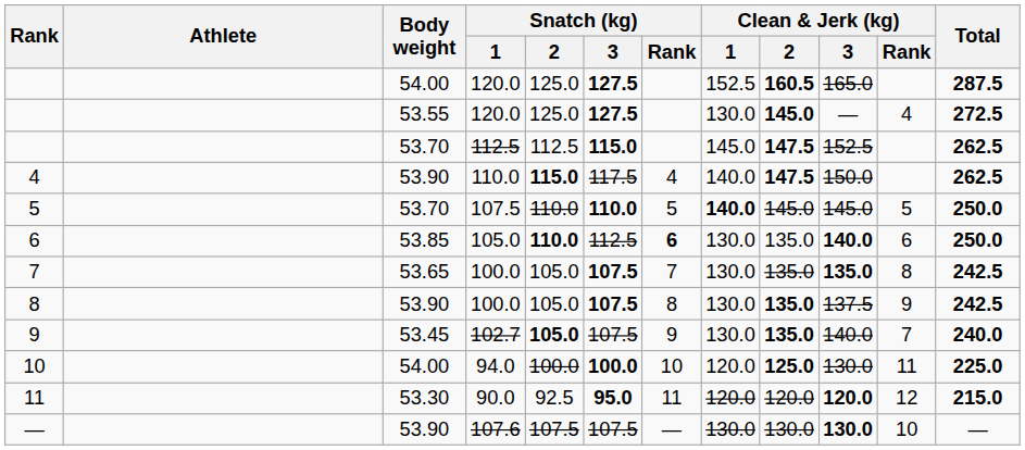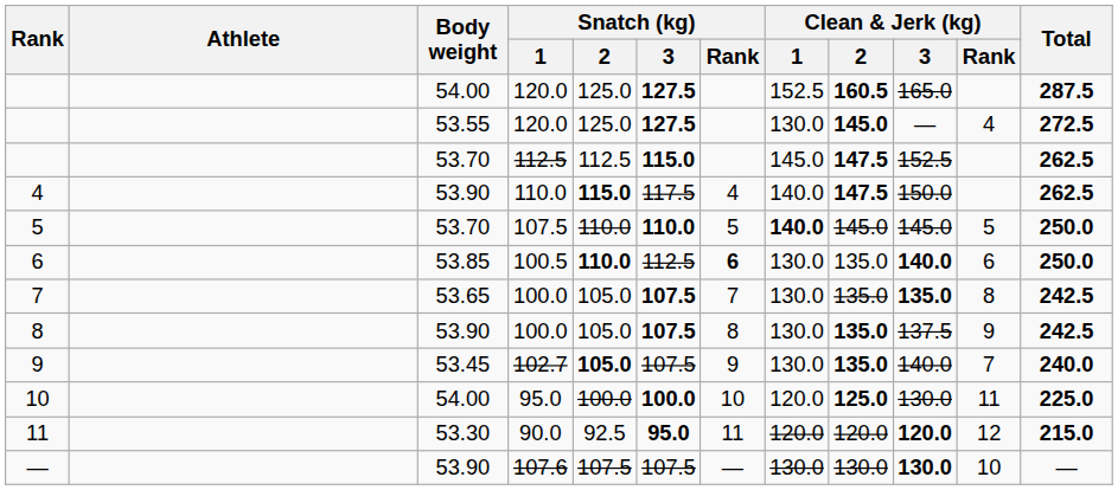 <table class = "wikitable" style="text-align:center;">
 <tr>
 <th rowspan=2 width=40>Rank</th>
 <th rowspan=2 width=250>Athlete</th>
 <th rowspan=2 width=60>Body weight</th>
 <th colspan=4>Snatch (kg)</th>
 <th colspan=4>Clean & Jerk (kg)</th>
 <th rowspan=2 width=60>Total</th>
 </tr>
 <tr>
 <th width=40>1</th>
 <th width=40>2</th>
 <th width=40>3</th>
 <th width=40>Rank</th>
 <th width=40>1</th>
 <th width=40>2</th>
 <th width=40>3</th>
 <th width=40>Rank</th>
 </tr>
 <tr>
 <td></td>
 <td align=left></td>
 <td>54.00</td>
 <td>120.0</td>
 <td>125.0</td>
 <td><strong>127.5</strong></td>
 <td></td>
 <td>152.5</td>
 <td><strong>160.5</strong></td>
 <td><s>165.0 </s></td>
 <td></td>
 <td><strong>287.5</strong></td>
 </tr>
 <tr>
 <td></td>
 <td align=left></td>
 <td>53.55</td>
 <td>120.0</td>
 <td>125.0</td>
 <td><strong>127.5</strong></td>
 <td></td>
 <td>130.0</td>
 <td><strong>145.0</strong></td>
 <td>—</td>
 <td>4</td>
 <td><strong>272.5</strong></td>
 </tr>
 <tr>
 <td></td>
 <td align=left></td>
 <td>53.70</td>
 <td><s>112.5 </s></td>
 <td>112.5</td>
 <td><strong>115.0</strong></td>
 <td></td>
 <td>145.0</td>
 <td><strong>147.5</strong></td>
 <td><s>152.5 </s></td>
 <td></td>
 <td><strong>262.5</strong></td>
 </tr>
 <tr>
 <td>4</td>
 <td align=left></td>
 <td>53.90</td>
 <td>110.0</td>
 <td><strong>115.0</strong></td>
 <td><s>117.5 </s></td>
 <td>4</td>
 <td>140.0</td>
 <td><strong>147.5</strong></td>
 <td><s>150.0 </s></td>
 <td></td>
 <td><strong>262.5  </strong></td>
 </tr>
 <tr>
 <td>5</td>
 <td align=left></td>
 <td>53.70</td>
 <td>107.5</td>
 <td><s>110.0 </s></td>
 <td><strong>110.0</strong></td>
 <td>5</td>
 <td><strong>140.0</strong></td>
 <td><s>145.0 </s></td>
 <td><s>145.0 </s></td>
 <td>5</td>
 <td><strong>250.0</strong></td>
 </tr>
 <tr>
 <td>6</td>
 <td align=left></td>
 <td>53.85</td>
-<td>105.0</td>
+<td>100.5</td>
 <td><strong>110.0</strong></td>
 <td><s>112.5 </s></td>
 <td><strong>6</strong></td>
 <td>130.0</td>
 <td>135.0</td>
 <td><strong>140.0</strong></td>
 <td>6</td>
 <td><strong>250.0</strong></td>
 </tr>
 <tr>
 <td>7</td>
 <td align=left></td>
 <td>53.65</td>
 <td>100.0</td>
 <td>105.0</td>
 <td><strong>107.5</strong></td>
 <td>7</td>
 <td>130.0</td>
 <td><s>135.0 </s></td>
 <td><strong>135.0</strong></td>
 <td>8</td>
 <td><strong>242.5</strong></td>
 </tr>
 <tr>
 <td>8</td>
 <td align=left></td>
 <td>53.90</td>
 <td>100.0</td>
 <td>105.0</td>
 <td><strong>107.5</strong></td>
 <td>8</td>
 <td>130.0</td>
 <td><strong>135.0</strong></td>
 <td><s>137.5 </s></td>
 <td>9</td>
 <td><strong>242.5</strong></td>
 </tr>
 <tr>
 <td>9</td>
 <td align=left></td>
 <td>53.45</td>
 <td><s>102.7 </s></td>
 <td><strong>105.0</strong></td>
 <td><s>107.5 </s></td>
 <td>9</td>
 <td>130.0</td>
 <td><strong>135.0</strong></td>
 <td><s>140.0 </s></td>
 <td>7</td>
 <td><strong>240.0</strong></td>
 </tr>
 <tr>
 <td>10</td>
 <td align=left></td>
 <td>54.00</td>
-<td>94.0</td>
+<td>95.0</td>
 <td><s>100.0 </s></td>
 <td><strong>100.0</strong></td>
 <td>10</td>
 <td>120.0</td>
 <td><strong>125.0</strong></td>
 <td><s>130.0 </s></td>
 <td>11</td>
 <td><strong>225.0</strong></td>
 </tr>
 <tr>
 <td>11</td>
 <td align=left></td>
 <td>53.30</td>
 <td>90.0</td>
 <td>92.5</td>
 <td><strong>95.0</strong></td>
 <td>11</td>
 <td><s>120.0 </s></td>
 <td><s>120.0 </s></td>
 <td><strong>120.0</strong></td>
 <td>12</td>
 <td><strong>215.0</strong></td>
 </tr>
 <tr>
 <td>—</td>
 <td align=left></td>
 <td>53.90</td>
 <td><s>107.6 </s></td>
 <td><s>107.5 </s></td>
 <td><s>107.5 </s></td>
 <td>—</td>
 <td><s>130.0 </s></td>
 <td><s>130.0 </s></td>
 <td><strong>130.0</strong></td>
 <td>10</td>
 <td>—</td>
 </tr>
 </table>
